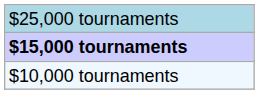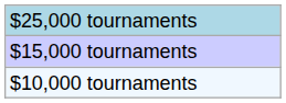 <table class="wikitable" style="font-size:85%; width:15%;">
 <tr style="background:lightblue;">
 <td>$25,000 tournaments</td>
 </tr>
 <tr style="background:#ccccff;">
-<td><strong>$15,000 tournaments</strong></td>
+<td>$15,000 tournaments</td>
 </tr>
 <tr style="background:#f0f8ff;">
 <td>$10,000 tournaments</td>
 </tr>
 </table>
